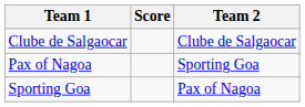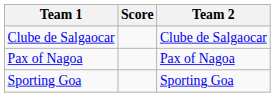 <table class="wikitable">
 <tr>
 <th>Team 1</th>
 <th>Score</th>
 <th>Team 2</th>
 </tr>
 <tr>
 <td><a href='#'>Clube de Salgaocar</a></td>
 <td></td>
 <td><a href='#'>Clube de Salgaocar</a></td>
 </tr>
 <tr>
 <td><a href='#'>Pax of Nagoa</a></td>
 <td></td>
-<td><a href='#'>Sporting Goa</a></td>
+<td><a href='#'>Pax of Nagoa</a></td>
 </tr>
 <tr>
 <td><a href='#'>Sporting Goa</a></td>
 <td></td>
-<td><a href='#'>Pax of Nagoa</a></td>
+<td><a href='#'>Sporting Goa</a></td>
 </tr>
 </table>
